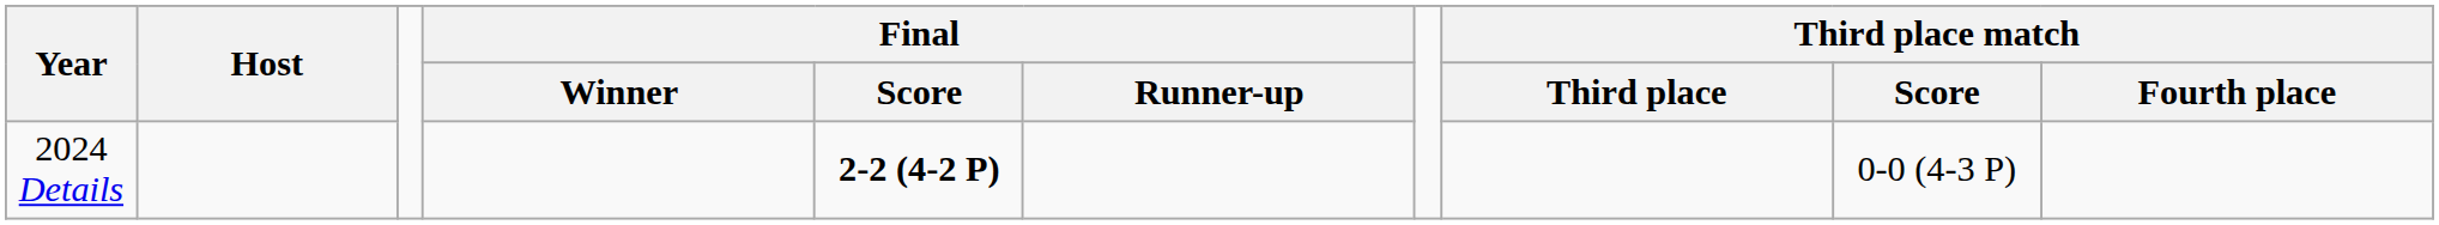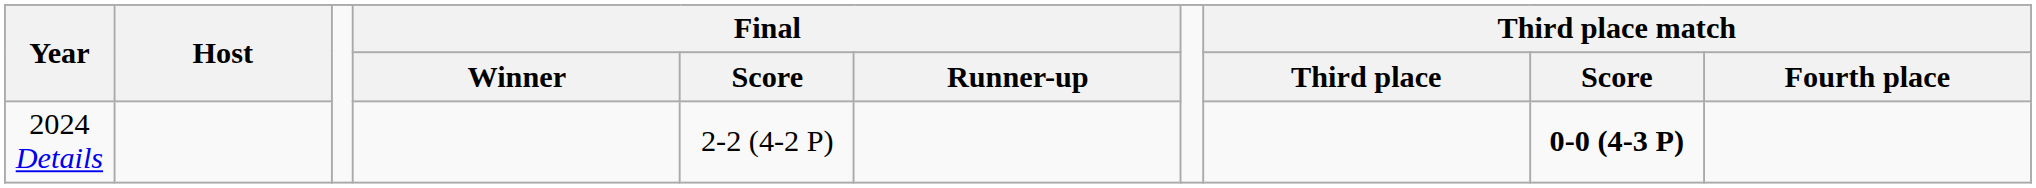 <table class="wikitable" style="text-align:center">
 <tr>
 <th rowspan=2 width=5%>Year</th>
 <th rowspan=2 width=10%>Host</th>
 <td width=1% rowspan=3></td>
 <th colspan=3>Final</th>
 <td width=1% rowspan=3></td>
 <th colspan=3>Third place match</th>
 </tr>
 <tr bgcolor=#EFEFEF>
 <th width=15%>Winner</th>
 <th width=8%>Score</th>
 <th width=15%>Runner-up</th>
 <th width=15%>Third place</th>
 <th width=8%>Score</th>
 <th width=15%>Fourth place</th>
 </tr>
 <tr>
 <td>2024<br><em><a href='#'>Details</a></em></td>
 <td></td>
 <td></td>
-<td><strong>2-2 (4-2 P)</strong></td>
+<td>2-2 (4-2 P)</td>
 <td></td>
 <td></td>
-<td>0-0 (4-3 P)</td>
+<td><strong>0-0 (4-3 P)</strong></td>
 <td></td>
 </tr>
 </table>
